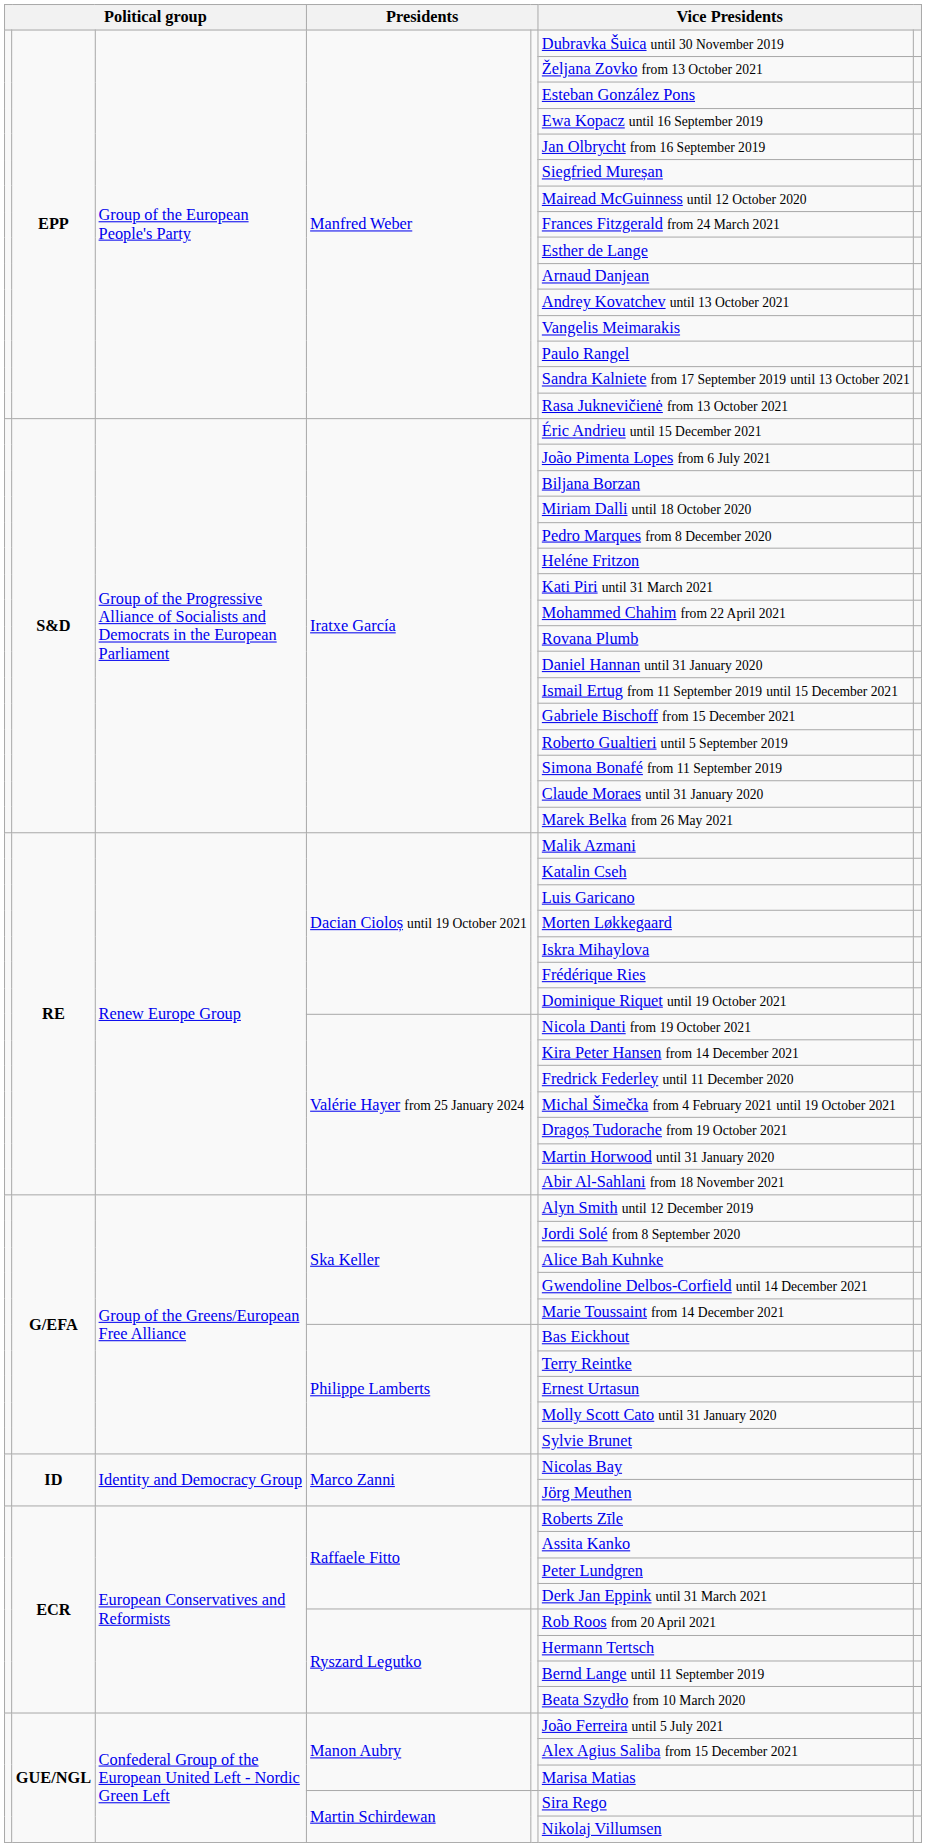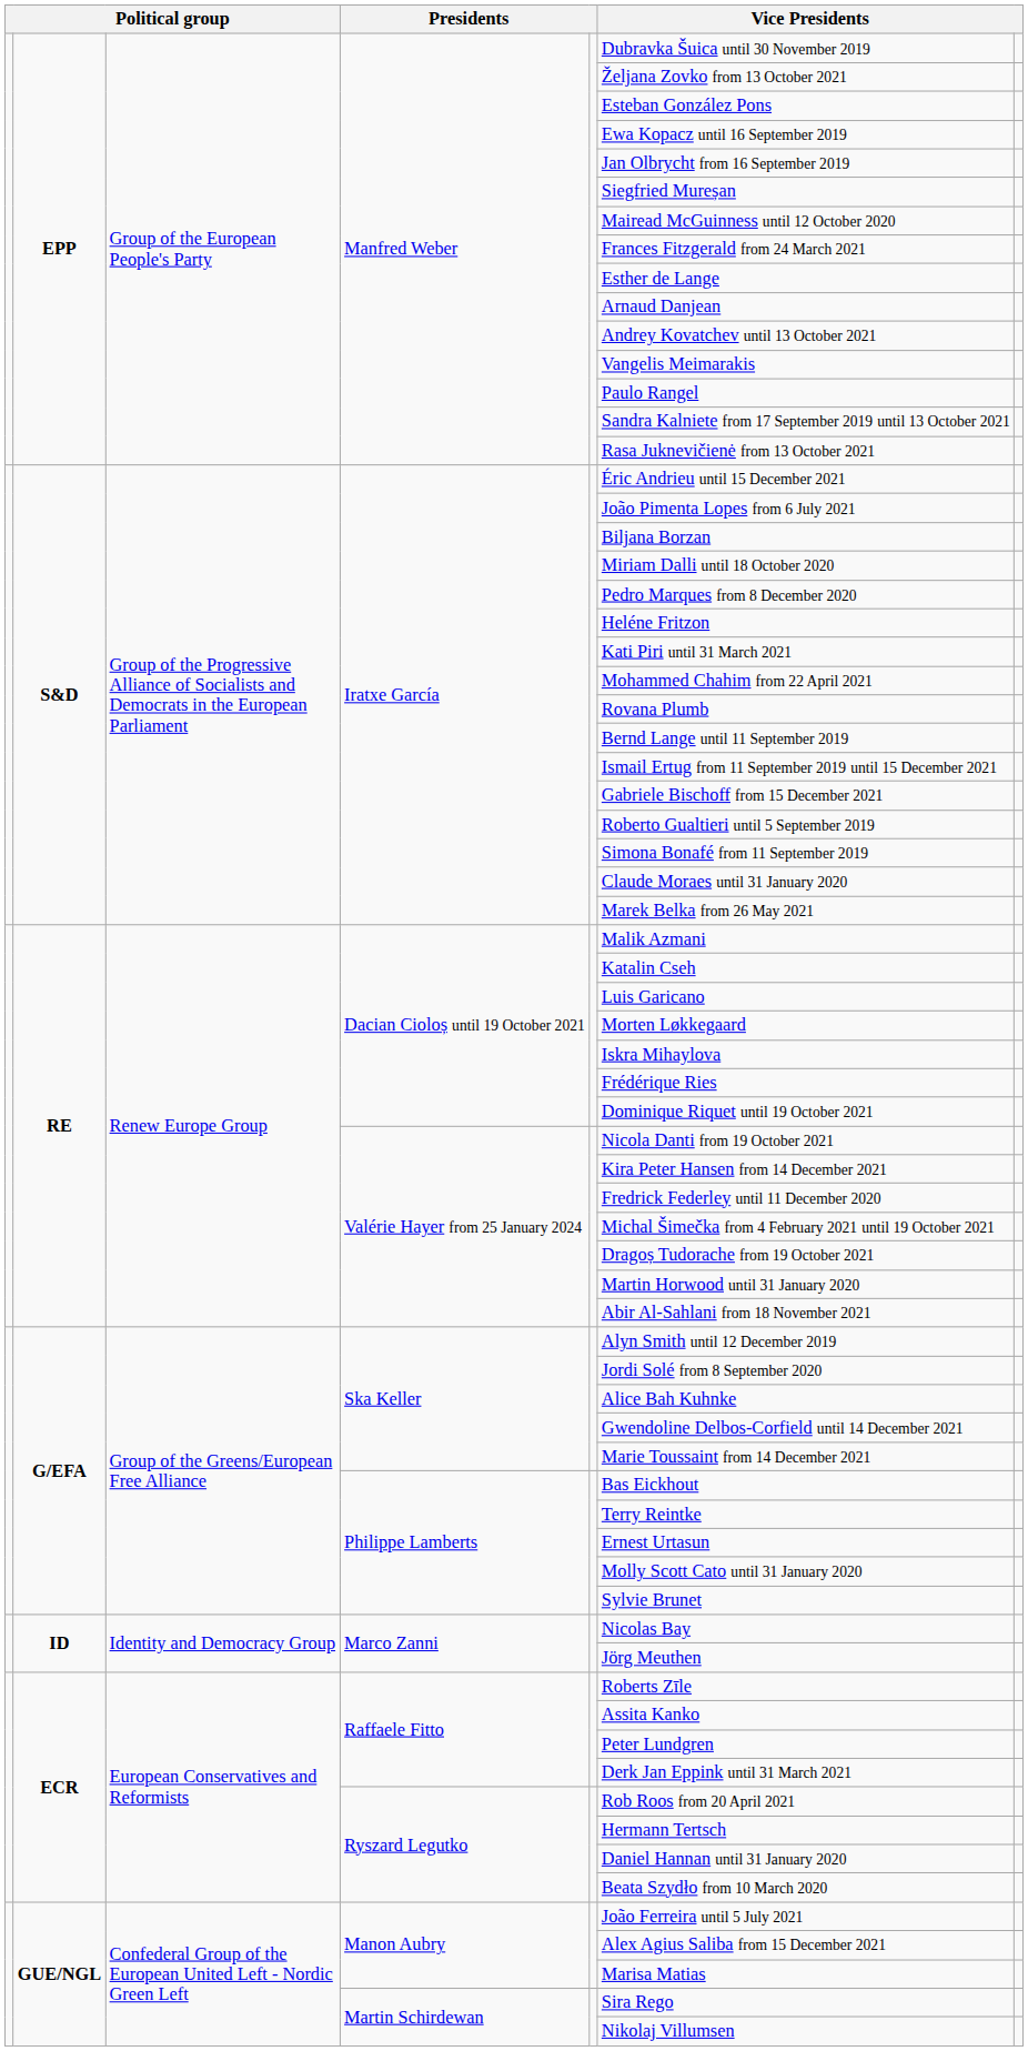 <table class="wikitable">
 <tr>
 <th colspan=3>Political group</th>
 <th colspan=2>Presidents</th>
 <th colspan=2>Vice Presidents</th>
 </tr>
 <tr>
 <td rowspan=15 style="background-color:"></td>
 <td rowspan=15 align="center"><strong>EPP</strong><br></td>
 <td rowspan=15 width=200pt><a href='#'>Group of the European People's Party</a></td>
 <td rowspan=15><a href='#'>Manfred Weber</a></td>
 <td rowspan=15></td>
 <td><a href='#'>Dubravka Šuica</a> <small>until 30 November 2019</small></td>
 <td></td>
 </tr>
 <tr>
 <td><a href='#'>Željana Zovko</a> <small>from 13 October 2021</small></td>
 <td></td>
 </tr>
 <tr>
 <td><a href='#'>Esteban González Pons</a></td>
 <td></td>
 </tr>
 <tr>
 <td><a href='#'>Ewa Kopacz</a> <small>until 16 September 2019</small></td>
 <td></td>
 </tr>
 <tr>
 <td><a href='#'>Jan Olbrycht</a> <small>from 16 September 2019</small></td>
 <td></td>
 </tr>
 <tr>
 <td><a href='#'>Siegfried Mureșan</a></td>
 <td></td>
 </tr>
 <tr>
 <td><a href='#'>Mairead McGuinness</a> <small>until 12 October 2020</small></td>
 <td></td>
 </tr>
 <tr>
 <td><a href='#'>Frances Fitzgerald</a> <small>from 24 March 2021</small></td>
 <td></td>
 </tr>
 <tr>
 <td><a href='#'>Esther de Lange</a></td>
 <td></td>
 </tr>
 <tr>
 <td><a href='#'>Arnaud Danjean</a></td>
 <td></td>
 </tr>
 <tr>
 <td><a href='#'>Andrey Kovatchev</a> <small>until 13 October 2021</small></td>
 <td></td>
 </tr>
 <tr>
 <td><a href='#'>Vangelis Meimarakis</a></td>
 <td></td>
 </tr>
 <tr>
 <td><a href='#'>Paulo Rangel</a></td>
 <td></td>
 </tr>
 <tr>
 <td><a href='#'>Sandra Kalniete</a> <small>from 17 September 2019</small> <small>until 13 October 2021</small></td>
 <td></td>
 </tr>
 <tr>
 <td><a href='#'>Rasa Juknevičienė</a> <small>from 13 October 2021</small></td>
 <td></td>
 </tr>
 <tr>
 <td rowspan=16 style="background-color:"></td>
 <td rowspan=16 align="center"><strong>S&D</strong><br></td>
 <td rowspan=16><a href='#'>Group of the Progressive Alliance of Socialists and Democrats in the European Parliament</a></td>
 <td rowspan=16><a href='#'>Iratxe García</a></td>
 <td rowspan=16></td>
 <td><a href='#'>Éric Andrieu</a> <small>until 15 December 2021</small></td>
 <td></td>
 </tr>
 <tr>
 <td><a href='#'>João Pimenta Lopes</a> <small>from 6 July 2021</small></td>
 <td></td>
 </tr>
 <tr>
 <td><a href='#'>Biljana Borzan</a></td>
 <td></td>
 </tr>
 <tr>
 <td><a href='#'>Miriam Dalli</a> <small>until 18 October 2020</small></td>
 <td></td>
 </tr>
 <tr>
 <td><a href='#'>Pedro Marques</a> <small>from 8 December 2020</small></td>
 <td></td>
 </tr>
 <tr>
 <td><a href='#'>Heléne Fritzon</a></td>
 <td></td>
 </tr>
 <tr>
 <td><a href='#'>Kati Piri</a> <small>until 31 March 2021</small></td>
 <td></td>
 </tr>
 <tr>
 <td><a href='#'>Mohammed Chahim</a> <small>from 22 April 2021</small></td>
 <td></td>
 </tr>
 <tr>
 <td><a href='#'>Rovana Plumb</a></td>
 <td></td>
 </tr>
 <tr>
-<td><a href='#'>Daniel Hannan</a> <small>until 31 January 2020</small></td>
+<td><a href='#'>Bernd Lange</a> <small>until 11 September 2019</small></td>
 <td></td>
 </tr>
 <tr>
 <td><a href='#'>Ismail Ertug</a> <small>from 11 September 2019</small> <small>until 15 December 2021</small></td>
 <td></td>
 </tr>
 <tr>
 <td><a href='#'>Gabriele Bischoff</a> <small>from 15 December 2021</small></td>
 <td></td>
 </tr>
 <tr>
 <td><a href='#'>Roberto Gualtieri</a> <small>until 5 September 2019</small></td>
 <td></td>
 </tr>
 <tr>
 <td><a href='#'>Simona Bonafé</a> <small>from 11 September 2019</small></td>
 <td></td>
 </tr>
 <tr>
 <td><a href='#'>Claude Moraes</a> <small>until 31 January 2020</small></td>
 <td></td>
 </tr>
 <tr>
 <td><a href='#'>Marek Belka</a> <small>from 26 May 2021</small></td>
 <td></td>
 </tr>
 <tr>
 <td rowspan=14 style="background-color:"></td>
 <td rowspan=14 align="center"><strong>RE</strong><br></td>
 <td rowspan=14><a href='#'>Renew Europe Group</a></td>
 <td rowspan=7><a href='#'>Dacian Cioloș</a> <small>until 19 October 2021</small></td>
 <td rowspan=7></td>
 <td><a href='#'>Malik Azmani</a></td>
 <td></td>
 </tr>
 <tr>
 <td><a href='#'>Katalin Cseh</a></td>
 <td></td>
 </tr>
 <tr>
 <td><a href='#'>Luis Garicano</a></td>
 <td></td>
 </tr>
 <tr>
 <td><a href='#'>Morten Løkkegaard</a></td>
 <td></td>
 </tr>
 <tr>
 <td><a href='#'>Iskra Mihaylova</a></td>
 <td></td>
 </tr>
 <tr>
 <td><a href='#'>Frédérique Ries</a></td>
 <td></td>
 </tr>
 <tr>
 <td><a href='#'>Dominique Riquet</a> <small>until 19 October 2021</small></td>
 <td></td>
 </tr>
 <tr>
 <td rowspan=7><a href='#'>Valérie Hayer</a> <small>from 25 January 2024</small></td>
 <td rowspan=7></td>
 <td><a href='#'>Nicola Danti</a> <small>from 19 October 2021</small></td>
 <td></td>
 </tr>
 <tr>
 <td><a href='#'>Kira Peter Hansen</a> <small>from 14 December 2021</small></td>
 <td></td>
 </tr>
 <tr>
 <td><a href='#'>Fredrick Federley</a> <small>until 11 December 2020</small></td>
 <td></td>
 </tr>
 <tr>
 <td><a href='#'>Michal Šimečka</a> <small>from 4 February 2021</small> <small>until 19 October 2021</small></td>
 <td></td>
 </tr>
 <tr>
 <td><a href='#'>Dragoș Tudorache</a> <small>from 19 October 2021</small></td>
 <td></td>
 </tr>
 <tr>
 <td><a href='#'>Martin Horwood</a> <small>until 31 January 2020</small></td>
 <td></td>
 </tr>
 <tr>
 <td><a href='#'>Abir Al-Sahlani</a> <small>from 18 November 2021</small></td>
 <td></td>
 </tr>
 <tr>
 <td rowspan=10 style="background-color:"></td>
 <td rowspan=10 align="center"><strong>G/EFA</strong><br></td>
 <td rowspan=10><a href='#'>Group of the Greens/European Free Alliance</a></td>
 <td rowspan=5><a href='#'>Ska Keller</a></td>
 <td rowspan=5></td>
 <td><a href='#'>Alyn Smith</a> <small>until 12 December 2019</small></td>
 <td></td>
 </tr>
 <tr>
 <td><a href='#'>Jordi Solé</a> <small>from 8 September 2020</small></td>
 <td></td>
 </tr>
 <tr>
 <td><a href='#'>Alice Bah Kuhnke</a></td>
 <td></td>
 </tr>
 <tr>
 <td><a href='#'>Gwendoline Delbos-Corfield</a> <small>until 14 December 2021</small></td>
 <td></td>
 </tr>
 <tr>
 <td><a href='#'>Marie Toussaint</a> <small>from 14 December 2021</small></td>
 <td></td>
 </tr>
 <tr>
 <td rowspan=5><a href='#'>Philippe Lamberts</a></td>
 <td rowspan=5></td>
 <td><a href='#'>Bas Eickhout</a></td>
 <td></td>
 </tr>
 <tr>
 <td><a href='#'>Terry Reintke</a></td>
 <td></td>
 </tr>
 <tr>
 <td><a href='#'>Ernest Urtasun</a></td>
 <td></td>
 </tr>
 <tr>
 <td><a href='#'>Molly Scott Cato</a> <small>until 31 January 2020</small></td>
 <td></td>
 </tr>
 <tr>
 <td><a href='#'>Sylvie Brunet</a></td>
 <td></td>
 </tr>
 <tr>
 <td rowspan=2 style="background-color:"></td>
 <td rowspan=2 align="center"><strong>ID</strong><br></td>
 <td rowspan=2><a href='#'>Identity and Democracy Group</a></td>
 <td rowspan=2><a href='#'>Marco Zanni</a></td>
 <td rowspan=2></td>
 <td><a href='#'>Nicolas Bay</a></td>
 <td></td>
 </tr>
 <tr>
 <td><a href='#'>Jörg Meuthen</a></td>
 <td></td>
 </tr>
 <tr>
 <td rowspan=8 style="background-color:"></td>
 <td rowspan=8 align="center"><strong>ECR</strong><br></td>
 <td rowspan=8><a href='#'>European Conservatives and Reformists</a></td>
 <td rowspan=4><a href='#'>Raffaele Fitto</a></td>
 <td rowspan=4></td>
 <td><a href='#'>Roberts Zīle</a></td>
 <td></td>
 </tr>
 <tr>
 <td><a href='#'>Assita Kanko</a></td>
 <td></td>
 </tr>
 <tr>
 <td><a href='#'>Peter Lundgren</a></td>
 <td></td>
 </tr>
 <tr>
 <td><a href='#'>Derk Jan Eppink</a> <small>until 31 March 2021</small></td>
 <td></td>
 </tr>
 <tr>
 <td rowspan=4><a href='#'>Ryszard Legutko</a></td>
 <td rowspan=4></td>
 <td><a href='#'>Rob Roos</a> <small>from 20 April 2021</small></td>
 <td></td>
 </tr>
 <tr>
 <td><a href='#'>Hermann Tertsch</a></td>
 <td></td>
 </tr>
 <tr>
-<td><a href='#'>Bernd Lange</a> <small>until 11 September 2019</small></td>
+<td><a href='#'>Daniel Hannan</a> <small>until 31 January 2020</small></td>
 <td></td>
 </tr>
 <tr>
 <td><a href='#'>Beata Szydło</a> <small>from 10 March 2020</small></td>
 <td></td>
 </tr>
 <tr>
 <td rowspan=5 style="background-color:"></td>
 <td rowspan=5 align="center"><strong>GUE/NGL</strong><br></td>
 <td rowspan=5><a href='#'>Confederal Group of the European United Left - Nordic Green Left</a></td>
 <td rowspan=3><a href='#'>Manon Aubry</a></td>
 <td rowspan=3></td>
 <td><a href='#'>João Ferreira</a> <small>until 5 July 2021</small></td>
 <td></td>
 </tr>
 <tr>
 <td><a href='#'>Alex Agius Saliba</a> <small>from 15 December 2021</small></td>
 <td></td>
 </tr>
 <tr>
 <td><a href='#'>Marisa Matias</a></td>
 <td></td>
 </tr>
 <tr>
 <td rowspan=2><a href='#'>Martin Schirdewan</a></td>
 <td rowspan=2></td>
 <td><a href='#'>Sira Rego</a></td>
 <td></td>
 </tr>
 <tr>
 <td><a href='#'>Nikolaj Villumsen</a></td>
 <td></td>
 </tr>
 </table>
